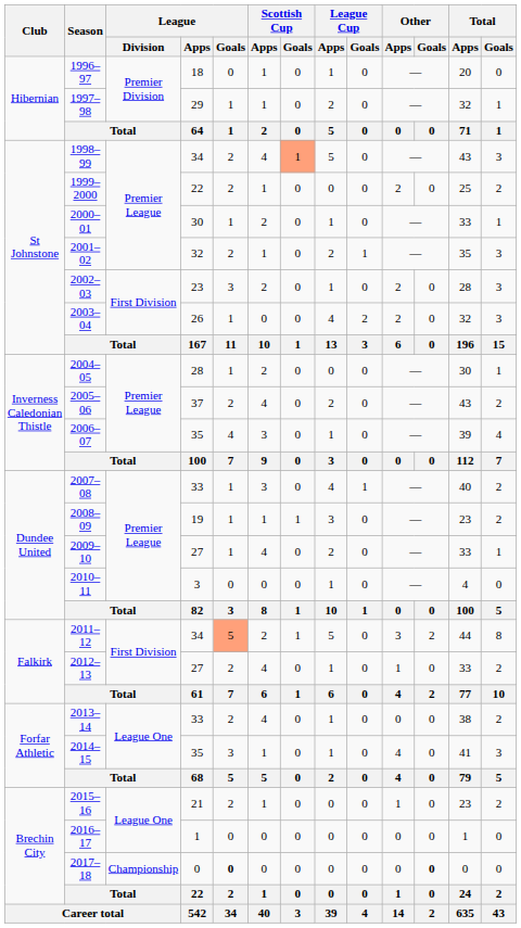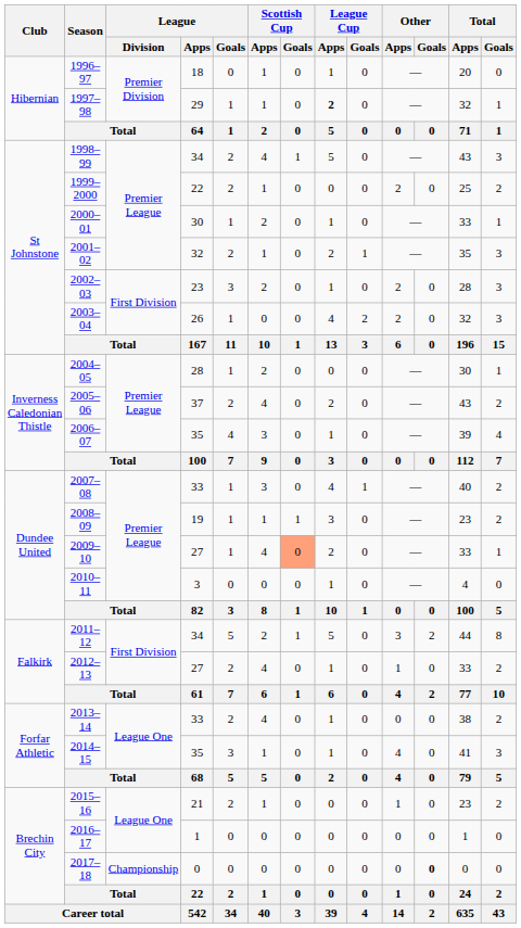 <table class="wikitable" style="text-align:center">
 <tr>
 <th rowspan="2">Club</th>
 <th rowspan="2">Season</th>
 <th colspan="3">League</th>
 <th colspan="2"><a href='#'>Scottish Cup</a></th>
 <th colspan="2"><a href='#'>League Cup</a></th>
 <th colspan="2">Other</th>
 <th colspan="2">Total</th>
 </tr>
 <tr>
 <th>Division</th>
 <th>Apps</th>
 <th>Goals</th>
 <th>Apps</th>
 <th>Goals</th>
 <th>Apps</th>
 <th>Goals</th>
 <th>Apps</th>
 <th>Goals</th>
 <th>Apps</th>
 <th>Goals</th>
 </tr>
 <tr>
 <td rowspan="3"><a href='#'>Hibernian</a></td>
 <td><a href='#'>1996–97</a></td>
 <td rowspan="2"><a href='#'>Premier Division</a></td>
 <td>18</td>
 <td>0</td>
 <td>1</td>
 <td>0</td>
 <td>1</td>
 <td>0</td>
 <td colspan="2">—</td>
 <td>20</td>
 <td>0</td>
 </tr>
 <tr>
 <td><a href='#'>1997–98</a></td>
 <td>29</td>
 <td>1</td>
 <td>1</td>
 <td>0</td>
-<td>2</td>
+<td><strong>2</strong></td>
 <td>0</td>
 <td colspan="2">—</td>
 <td>32</td>
 <td>1</td>
 </tr>
 <tr>
 <th colspan="2">Total</th>
 <th>64</th>
 <th>1</th>
 <th>2</th>
 <th>0</th>
 <th>5</th>
 <th>0</th>
 <th>0</th>
 <th>0</th>
 <th>71</th>
 <th>1</th>
 </tr>
 <tr>
 <td rowspan="7"><a href='#'>St Johnstone</a></td>
 <td><a href='#'>1998–99</a></td>
 <td rowspan="4"><a href='#'>Premier League</a></td>
 <td>34</td>
 <td>2</td>
 <td>4</td>
-<td style="background: lightsalmon;">1</td>
+<td>1</td>
 <td>5</td>
 <td>0</td>
 <td colspan="2">—</td>
 <td>43</td>
 <td>3</td>
 </tr>
 <tr>
 <td><a href='#'>1999–2000</a></td>
 <td>22</td>
 <td>2</td>
 <td>1</td>
 <td>0</td>
 <td>0</td>
 <td>0</td>
 <td>2</td>
 <td>0</td>
 <td>25</td>
 <td>2</td>
 </tr>
 <tr>
 <td><a href='#'>2000–01</a></td>
 <td>30</td>
 <td>1</td>
 <td>2</td>
 <td>0</td>
 <td>1</td>
 <td>0</td>
 <td colspan="2">—</td>
 <td>33</td>
 <td>1</td>
 </tr>
 <tr>
 <td><a href='#'>2001–02</a></td>
 <td>32</td>
 <td>2</td>
 <td>1</td>
 <td>0</td>
 <td>2</td>
 <td>1</td>
 <td colspan="2">—</td>
 <td>35</td>
 <td>3</td>
 </tr>
 <tr>
 <td><a href='#'>2002–03</a></td>
 <td rowspan="2"><a href='#'>First Division</a></td>
 <td>23</td>
 <td>3</td>
 <td>2</td>
 <td>0</td>
 <td>1</td>
 <td>0</td>
 <td>2</td>
 <td>0</td>
 <td>28</td>
 <td>3</td>
 </tr>
 <tr>
 <td><a href='#'>2003–04</a></td>
 <td>26</td>
 <td>1</td>
 <td>0</td>
 <td>0</td>
 <td>4</td>
 <td>2</td>
 <td>2</td>
 <td>0</td>
 <td>32</td>
 <td>3</td>
 </tr>
 <tr>
 <th colspan="2">Total</th>
 <th>167</th>
 <th>11</th>
 <th>10</th>
 <th>1</th>
 <th>13</th>
 <th>3</th>
 <th>6</th>
 <th>0</th>
 <th>196</th>
 <th>15</th>
 </tr>
 <tr>
 <td rowspan="4"><a href='#'>Inverness Caledonian Thistle</a></td>
 <td><a href='#'>2004–05</a></td>
 <td rowspan="3"><a href='#'>Premier League</a></td>
 <td>28</td>
 <td>1</td>
 <td>2</td>
 <td>0</td>
 <td>0</td>
 <td>0</td>
 <td colspan="2">—</td>
 <td>30</td>
 <td>1</td>
 </tr>
 <tr>
 <td><a href='#'>2005–06</a></td>
 <td>37</td>
 <td>2</td>
 <td>4</td>
 <td>0</td>
 <td>2</td>
 <td>0</td>
 <td colspan="2">—</td>
 <td>43</td>
 <td>2</td>
 </tr>
 <tr>
 <td><a href='#'>2006–07</a></td>
 <td>35</td>
 <td>4</td>
 <td>3</td>
 <td>0</td>
 <td>1</td>
 <td>0</td>
 <td colspan="2">—</td>
 <td>39</td>
 <td>4</td>
 </tr>
 <tr>
 <th colspan="2">Total</th>
 <th>100</th>
 <th>7</th>
 <th>9</th>
 <th>0</th>
 <th>3</th>
 <th>0</th>
 <th>0</th>
 <th>0</th>
 <th>112</th>
 <th>7</th>
 </tr>
 <tr>
 <td rowspan="5"><a href='#'>Dundee United</a></td>
 <td><a href='#'>2007–08</a></td>
 <td rowspan="4"><a href='#'>Premier League</a></td>
 <td>33</td>
 <td>1</td>
 <td>3</td>
 <td>0</td>
 <td>4</td>
 <td>1</td>
 <td colspan="2">—</td>
 <td>40</td>
 <td>2</td>
 </tr>
 <tr>
 <td><a href='#'>2008–09</a></td>
 <td>19</td>
 <td>1</td>
 <td>1</td>
 <td>1</td>
 <td>3</td>
 <td>0</td>
 <td colspan="2">—</td>
 <td>23</td>
 <td>2</td>
 </tr>
 <tr>
 <td><a href='#'>2009–10</a></td>
 <td>27</td>
 <td>1</td>
 <td>4</td>
-<td>0</td>
+<td style="background: lightsalmon;">0</td>
 <td>2</td>
 <td>0</td>
 <td colspan="2">—</td>
 <td>33</td>
 <td>1</td>
 </tr>
 <tr>
 <td><a href='#'>2010–11</a></td>
 <td>3</td>
 <td>0</td>
 <td>0</td>
 <td>0</td>
 <td>1</td>
 <td>0</td>
 <td colspan="2">—</td>
 <td>4</td>
 <td>0</td>
 </tr>
 <tr>
 <th colspan="2">Total</th>
 <th>82</th>
 <th>3</th>
 <th>8</th>
 <th>1</th>
 <th>10</th>
 <th>1</th>
 <th>0</th>
 <th>0</th>
 <th>100</th>
 <th>5</th>
 </tr>
 <tr>
 <td rowspan="3"><a href='#'>Falkirk</a></td>
 <td><a href='#'>2011–12</a></td>
 <td rowspan="2"><a href='#'>First Division</a></td>
 <td>34</td>
-<td style="background: lightsalmon;">5</td>
+<td>5</td>
 <td>2</td>
 <td>1</td>
 <td>5</td>
 <td>0</td>
 <td>3</td>
 <td>2</td>
 <td>44</td>
 <td>8</td>
 </tr>
 <tr>
 <td><a href='#'>2012–13</a></td>
 <td>27</td>
 <td>2</td>
 <td>4</td>
 <td>0</td>
 <td>1</td>
 <td>0</td>
 <td>1</td>
 <td>0</td>
 <td>33</td>
 <td>2</td>
 </tr>
 <tr>
 <th colspan="2">Total</th>
 <th>61</th>
 <th>7</th>
 <th>6</th>
 <th>1</th>
 <th>6</th>
 <th>0</th>
 <th>4</th>
 <th>2</th>
 <th>77</th>
 <th>10</th>
 </tr>
 <tr>
 <td rowspan="3"><a href='#'>Forfar Athletic</a></td>
 <td><a href='#'>2013–14</a></td>
 <td rowspan="2"><a href='#'>League One</a></td>
 <td>33</td>
 <td>2</td>
 <td>4</td>
 <td>0</td>
 <td>1</td>
 <td>0</td>
 <td>0</td>
 <td>0</td>
 <td>38</td>
 <td>2</td>
 </tr>
 <tr>
 <td><a href='#'>2014–15</a></td>
 <td>35</td>
 <td>3</td>
 <td>1</td>
 <td>0</td>
 <td>1</td>
 <td>0</td>
 <td>4</td>
 <td>0</td>
 <td>41</td>
 <td>3</td>
 </tr>
 <tr>
 <th colspan="2">Total</th>
 <th>68</th>
 <th>5</th>
 <th>5</th>
 <th>0</th>
 <th>2</th>
 <th>0</th>
 <th>4</th>
 <th>0</th>
 <th>79</th>
 <th>5</th>
 </tr>
 <tr>
 <td rowspan="4"><a href='#'>Brechin City</a></td>
 <td><a href='#'>2015–16</a></td>
 <td rowspan="2"><a href='#'>League One</a></td>
 <td>21</td>
 <td>2</td>
 <td>1</td>
 <td>0</td>
 <td>0</td>
 <td>0</td>
 <td>1</td>
 <td>0</td>
 <td>23</td>
 <td>2</td>
 </tr>
 <tr>
 <td><a href='#'>2016–17</a></td>
 <td>1</td>
 <td>0</td>
 <td>0</td>
 <td>0</td>
 <td>0</td>
 <td>0</td>
 <td>0</td>
 <td>0</td>
 <td>1</td>
 <td>0</td>
 </tr>
 <tr>
 <td><a href='#'>2017–18</a></td>
 <td><a href='#'>Championship</a></td>
 <td>0</td>
-<td><strong>0</strong></td>
+<td>0</td>
 <td>0</td>
 <td>0</td>
 <td>0</td>
 <td>0</td>
 <td>0</td>
 <td><strong>0</strong></td>
 <td>0</td>
 <td>0</td>
 </tr>
 <tr>
 <th colspan="2">Total</th>
 <th>22</th>
 <th>2</th>
 <th>1</th>
 <th>0</th>
 <th>0</th>
 <th>0</th>
 <th>1</th>
 <th>0</th>
 <th>24</th>
 <th>2</th>
 </tr>
 <tr>
 <th colspan="3">Career total</th>
 <th>542</th>
 <th>34</th>
 <th>40</th>
 <th>3</th>
 <th>39</th>
 <th>4</th>
 <th>14</th>
 <th>2</th>
 <th>635</th>
 <th>43</th>
 </tr>
 </table>
